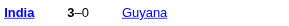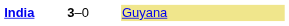 <table>
 <tr>
 <th width=200></th>
 <th width=100></th>
 <th width=200></th>
 </tr>
 <tr>
 <td align=right><strong><a href='#'>India</a> </strong></td>
 <td align=center><strong>3</strong>–0</td>
-<td> <a href='#'>Guyana</a></td>
+<td style="background: khaki;"> <a href='#'>Guyana</a></td>
 </tr>
 </table>
